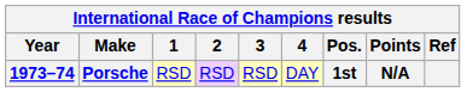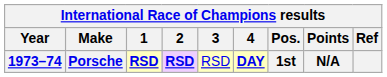 <table class="wikitable" style="text-align:center; font-size:75%">
 <tr>
 <th colspan=10><a href='#'>International Race of Champions</a> results</th>
 </tr>
 <tr>
 <th>Year</th>
 <th>Make</th>
 <th>1</th>
 <th>2</th>
 <th>3</th>
 <th>4</th>
 <th>Pos.</th>
 <th>Points</th>
 <th>Ref</th>
 </tr>
 <tr>
 <th><a href='#'>1973–74</a></th>
 <th><a href='#'>Porsche</a></th>
+<td style="background-color:#FFFFBF"><strong><a href='#'>RSD</a><br></strong></td>
+<td style="background-color:#EFCFFF"><strong><a href='#'>RSD</a><br></strong></td>
 <td style="background-color:#FFFFBF"><a href='#'>RSD</a><br></td>
-<td style="background-color:#EFCFFF"><a href='#'>RSD</a><br></td>
-<td style="background-color:#FFFFBF"><a href='#'>RSD</a><br></td>
-<td style="background-color:#FFFFBF"><a href='#'>DAY</a><br></td>
+<td style="background-color:#FFFFBF"><strong><a href='#'>DAY</a><br></strong></td>
 <th>1st</th>
 <th>N/A</th>
 <th></th>
 </tr>
 </table>
